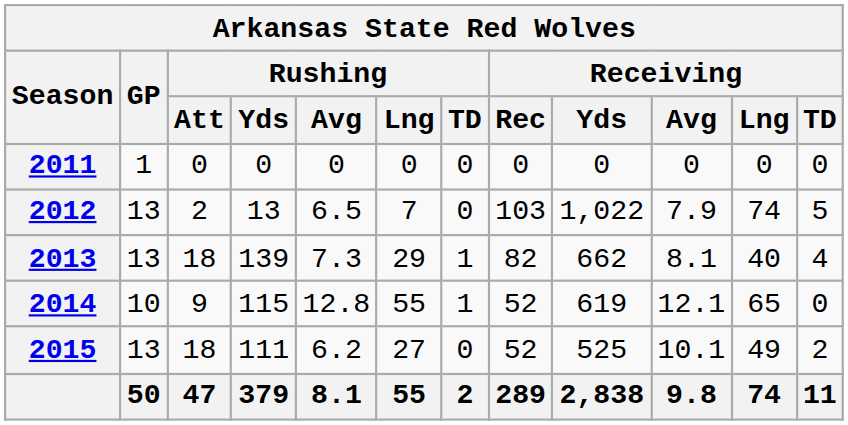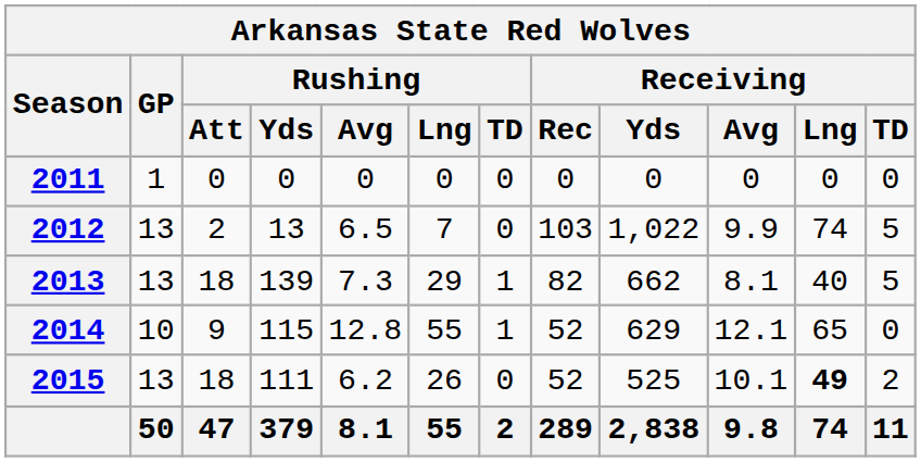 <table class="wikitable" style="text-align:center;">
 <tr>
 <th colspan="15">Arkansas State Red Wolves</th>
 </tr>
 <tr>
 <th rowspan="2">Season</th>
 <th rowspan="2">GP</th>
 <th colspan="5">Rushing</th>
 <th colspan="5">Receiving</th>
 </tr>
 <tr>
 <th>Att</th>
 <th>Yds</th>
 <th>Avg</th>
 <th>Lng</th>
 <th>TD</th>
 <th>Rec</th>
 <th>Yds</th>
 <th>Avg</th>
 <th>Lng</th>
 <th>TD</th>
 </tr>
 <tr>
 <th><a href='#'>2011</a></th>
 <td>1</td>
 <td>0</td>
 <td>0</td>
 <td>0</td>
 <td>0</td>
 <td>0</td>
 <td>0</td>
 <td>0</td>
 <td>0</td>
 <td>0</td>
 <td>0</td>
 </tr>
 <tr>
 <th><a href='#'>2012</a></th>
 <td>13</td>
 <td>2</td>
 <td>13</td>
 <td>6.5</td>
 <td>7</td>
 <td>0</td>
 <td>103</td>
 <td>1,022</td>
-<td>7.9</td>
+<td>9.9</td>
 <td>74</td>
 <td>5</td>
 </tr>
 <tr>
 <th><a href='#'>2013</a></th>
 <td>13</td>
 <td>18</td>
 <td>139</td>
 <td>7.3</td>
 <td>29</td>
 <td>1</td>
 <td>82</td>
 <td>662</td>
 <td>8.1</td>
 <td>40</td>
-<td>4</td>
+<td>5</td>
 </tr>
 <tr>
 <th><a href='#'>2014</a></th>
 <td>10</td>
 <td>9</td>
 <td>115</td>
 <td>12.8</td>
 <td>55</td>
 <td>1</td>
 <td>52</td>
-<td>619</td>
+<td>629</td>
 <td>12.1</td>
 <td>65</td>
 <td>0</td>
 </tr>
 <tr>
 <th><a href='#'>2015</a></th>
 <td>13</td>
 <td>18</td>
 <td>111</td>
 <td>6.2</td>
-<td>27</td>
+<td>26</td>
 <td>0</td>
 <td>52</td>
 <td>525</td>
 <td>10.1</td>
-<td>49</td>
+<td><strong>49</strong></td>
 <td>2</td>
 </tr>
 <tr>
 <th></th>
 <th>50</th>
 <th>47</th>
 <th>379</th>
 <th>8.1</th>
 <th>55</th>
 <th>2</th>
 <th>289</th>
 <th>2,838</th>
 <th>9.8</th>
 <th>74</th>
 <th>11</th>
 </tr>
 </table>
